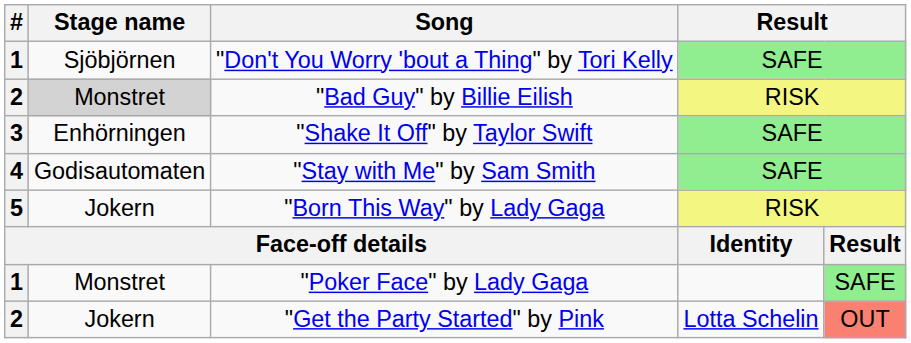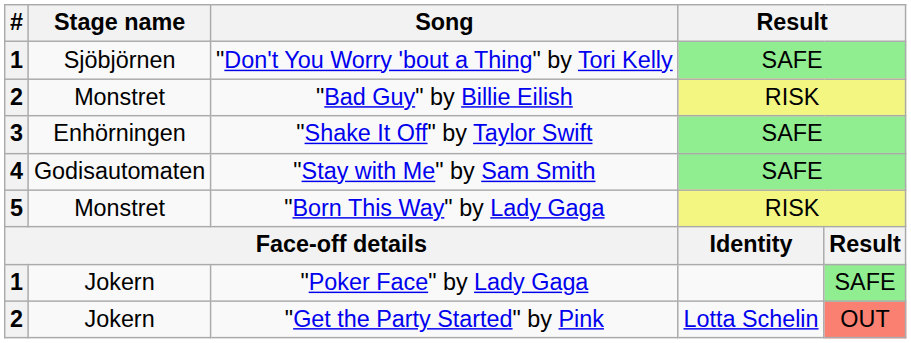 <table class="wikitable plainrowheaders" style="text-align: center;">
 <tr>
 <th>#</th>
 <th>Stage name</th>
 <th>Song</th>
 <th colspan=2>Result</th>
 </tr>
 <tr>
 <th>1</th>
 <td>Sjöbjörnen</td>
 <td>"<a href='#'>Don't You Worry 'bout a Thing</a>" by <a href='#'>Tori Kelly</a></td>
 <td colspan=2 bgcolor=lightgreen>SAFE</td>
 </tr>
 <tr>
 <th>2</th>
-<td style="background: lightgrey;">Monstret</td>
+<td>Monstret</td>
 <td>"<a href='#'>Bad Guy</a>" by <a href='#'>Billie Eilish</a></td>
 <td colspan=2 bgcolor=#F3F781>RISK</td>
 </tr>
 <tr>
 <th>3</th>
 <td>Enhörningen</td>
 <td>"<a href='#'>Shake It Off</a>" by <a href='#'>Taylor Swift</a></td>
 <td colspan=2 bgcolor="lightgreen">SAFE</td>
 </tr>
 <tr>
 <th>4</th>
 <td>Godisautomaten</td>
 <td>"<a href='#'>Stay with Me</a>" by <a href='#'>Sam Smith</a></td>
 <td colspan=2 bgcolor=lightgreen>SAFE</td>
 </tr>
 <tr>
 <th>5</th>
-<td>Jokern</td>
+<td>Monstret</td>
 <td>"<a href='#'>Born This Way</a>" by <a href='#'>Lady Gaga</a></td>
 <td colspan=2 bgcolor="#F3F781">RISK</td>
 </tr>
 <tr>
 <th colspan="3">Face-off details</th>
 <th>Identity</th>
 <th>Result</th>
 </tr>
 <tr>
 <th>1</th>
-<td>Monstret</td>
+<td>Jokern</td>
 <td>"<a href='#'>Poker Face</a>" by <a href='#'>Lady Gaga</a></td>
 <td></td>
 <td bgcolor=lightgreen>SAFE</td>
 </tr>
 <tr>
 <th>2</th>
 <td>Jokern</td>
 <td>"<a href='#'>Get the Party Started</a>" by <a href='#'>Pink</a></td>
 <td><a href='#'>Lotta Schelin</a></td>
 <td bgcolor=salmon>OUT</td>
 </tr>
 </table>
